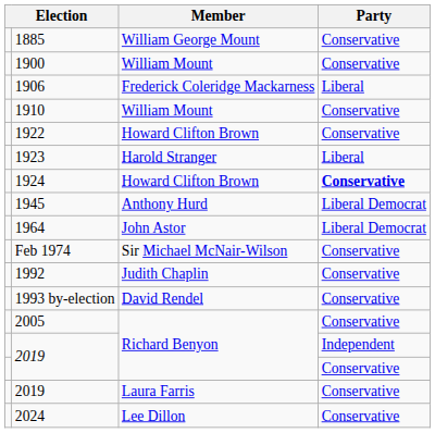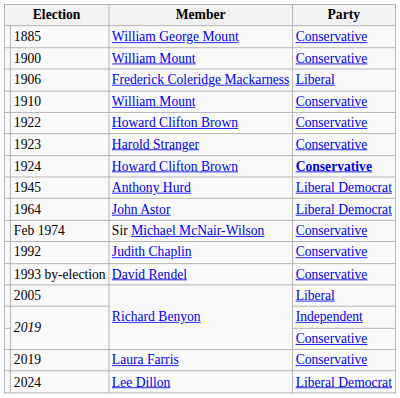 <table class="wikitable">
 <tr>
 <th colspan=2>Election</th>
 <th>Member</th>
 <th>Party</th>
 </tr>
 <tr>
 <td style="color:inherit;background-color: "></td>
 <td>1885</td>
 <td><a href='#'>William George Mount</a></td>
 <td><a href='#'>Conservative</a></td>
 </tr>
 <tr>
 <td style="color:inherit;background-color: "></td>
 <td>1900</td>
 <td><a href='#'>William Mount</a></td>
 <td><a href='#'>Conservative</a></td>
 </tr>
 <tr>
 <td style="color:inherit;background-color: "></td>
 <td>1906</td>
 <td><a href='#'>Frederick Coleridge Mackarness</a></td>
 <td><a href='#'>Liberal</a></td>
 </tr>
 <tr>
 <td style="color:inherit;background-color: "></td>
 <td>1910</td>
 <td><a href='#'>William Mount</a></td>
 <td><a href='#'>Conservative</a></td>
 </tr>
 <tr>
 <td style="color:inherit;background-color: "></td>
 <td>1922</td>
 <td><a href='#'>Howard Clifton Brown</a></td>
 <td><a href='#'>Conservative</a></td>
 </tr>
 <tr>
 <td style="color:inherit;background-color: "></td>
 <td>1923</td>
 <td><a href='#'>Harold Stranger</a></td>
-<td><a href='#'>Liberal</a></td>
+<td><a href='#'>Conservative</a></td>
 </tr>
 <tr>
 <td style="color:inherit;background-color: "></td>
 <td>1924</td>
 <td><a href='#'>Howard Clifton Brown</a></td>
 <td><strong><a href='#'>Conservative</a></strong></td>
 </tr>
 <tr>
 <td style="color:inherit;background-color: "></td>
 <td>1945</td>
 <td><a href='#'>Anthony Hurd</a></td>
 <td><a href='#'>Liberal Democrat</a></td>
 </tr>
 <tr>
 <td style="color:inherit;background-color: "></td>
 <td>1964</td>
 <td><a href='#'>John Astor</a></td>
 <td><a href='#'>Liberal Democrat</a></td>
 </tr>
 <tr>
 <td style="color:inherit;background-color: "></td>
 <td>Feb 1974</td>
 <td>Sir <a href='#'>Michael McNair-Wilson</a></td>
 <td><a href='#'>Conservative</a></td>
 </tr>
 <tr>
 <td style="color:inherit;background-color: "></td>
 <td>1992</td>
 <td><a href='#'>Judith Chaplin</a></td>
 <td><a href='#'>Conservative</a></td>
 </tr>
 <tr>
 <td style="color:inherit;background-color: "></td>
 <td>1993 by-election</td>
 <td><a href='#'>David Rendel</a></td>
 <td><a href='#'>Conservative</a></td>
 </tr>
 <tr>
 <td style="color:inherit;background-color: "></td>
 <td>2005</td>
 <td rowspan="3"><a href='#'>Richard Benyon</a></td>
-<td><a href='#'>Conservative</a></td>
+<td><a href='#'>Liberal</a></td>
 </tr>
 <tr>
 <td style="color:inherit;background-color: "></td>
 <td rowspan="2"><em>2019</em></td>
 <td><a href='#'>Independent</a></td>
 </tr>
 <tr>
 <td style="color:inherit;background-color: "></td>
 <td><a href='#'>Conservative</a></td>
 </tr>
 <tr>
 <td style="color:inherit;background-color: "></td>
 <td>2019</td>
 <td><a href='#'>Laura Farris</a></td>
 <td><a href='#'>Conservative</a></td>
 </tr>
 <tr>
 <td style="color:inherit;background-color: "></td>
 <td>2024</td>
 <td><a href='#'>Lee Dillon</a></td>
-<td><a href='#'>Conservative</a></td>
+<td><a href='#'>Liberal Democrat</a></td>
 </tr>
 </table>
